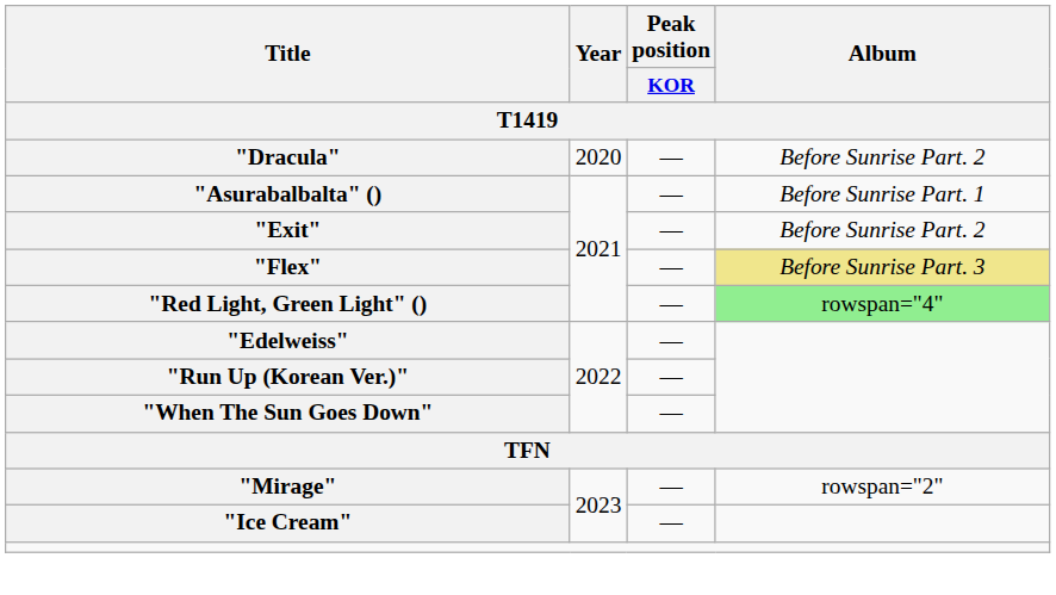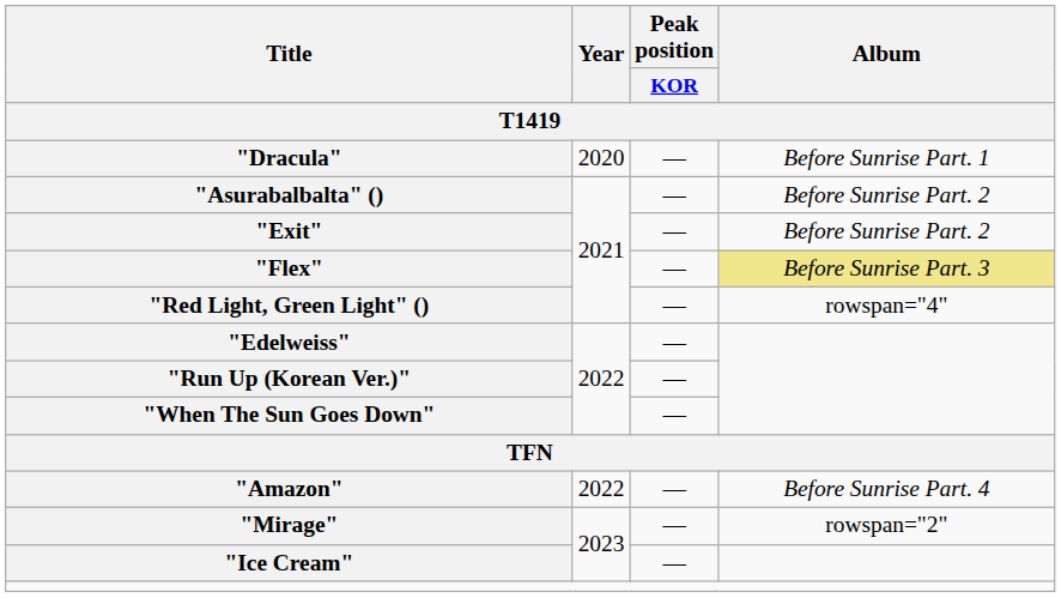 <table class="wikitable plainrowheaders" style="text-align:center;">
 <tr>
 <th scope="col" rowspan="2" style="width:24em;">Title</th>
 <th scope="col" rowspan="2" style="width:2em;">Year</th>
 <th scope="col">Peak position</th>
 <th scope="col" rowspan="2" style="width:14em;">Album</th>
 </tr>
 <tr>
 <th scope="col" style="width:3em;font-size:90%;"><a href='#'>KOR</a><br></th>
 </tr>
 <tr>
 <th colspan="4">T1419</th>
 </tr>
 <tr>
 <th scope="row">"Dracula"</th>
 <td>2020</td>
 <td>—</td>
-<td><em>Before Sunrise Part. 2</em></td>
+<td><em>Before Sunrise Part. 1</em></td>
 </tr>
 <tr>
 <th scope="row">"Asurabalbalta" ()</th>
 <td rowspan="4">2021</td>
 <td>—</td>
-<td><em>Before Sunrise Part. 1</em></td>
+<td><em>Before Sunrise Part. 2</em></td>
 </tr>
 <tr>
 <th scope="row">"Exit"</th>
 <td>—</td>
 <td><em>Before Sunrise Part. 2</em></td>
 </tr>
 <tr>
 <th scope="row">"Flex"</th>
 <td>—</td>
 <td style="background: khaki;"><em>Before Sunrise Part. 3</em></td>
 </tr>
 <tr>
 <th scope="row">"Red Light, Green Light" ()</th>
 <td>—</td>
-<td style="background: lightgreen;">rowspan="4" </td>
+<td>rowspan="4" </td>
 </tr>
 <tr>
 <th scope="row">"Edelweiss"</th>
 <td rowspan="3">2022</td>
 <td>—</td>
 </tr>
 <tr>
 <th scope="row">"Run Up (Korean Ver.)"</th>
 <td>—</td>
 </tr>
 <tr>
 <th scope="row">"When The Sun Goes Down"</th>
 <td>—</td>
 </tr>
 <tr>
 <th colspan="4">TFN</th>
 </tr>
 <tr>
+<th scope="row">"Amazon"</th>
+<td>2022</td>
+<td>—</td>
+<td><em>Before Sunrise Part. 4</em></td>
+</tr>
+<tr>
 <th scope="row">"Mirage"</th>
 <td rowspan="2">2023</td>
 <td>—</td>
 <td>rowspan="2" </td>
 </tr>
 <tr>
 <th scope="row">"Ice Cream"</th>
 <td>—</td>
 </tr>
 <tr>
 <td colspan="4"></td>
 </tr>
 </table>
